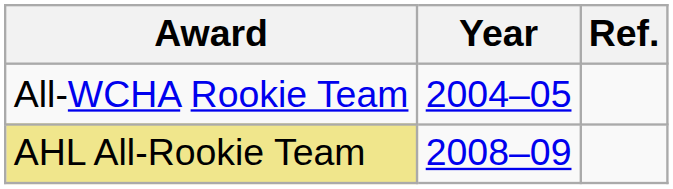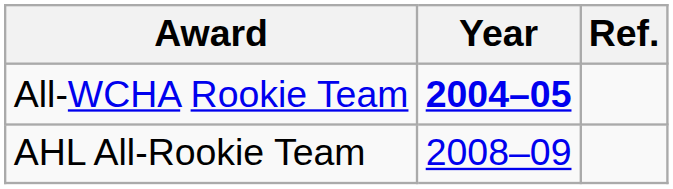 <table class="wikitable">
 <tr>
 <th>Award</th>
 <th>Year</th>
 <th>Ref.</th>
 </tr>
 <tr>
 <td>All-<a href='#'>WCHA</a> <a href='#'>Rookie Team</a></td>
-<td><a href='#'>2004–05</a></td>
+<td><strong><a href='#'>2004–05</a></strong></td>
 <td></td>
 </tr>
 <tr>
-<td style="background: khaki;">AHL All-Rookie Team</td>
+<td>AHL All-Rookie Team</td>
 <td><a href='#'>2008–09</a></td>
 <td></td>
 </tr>
 </table>
